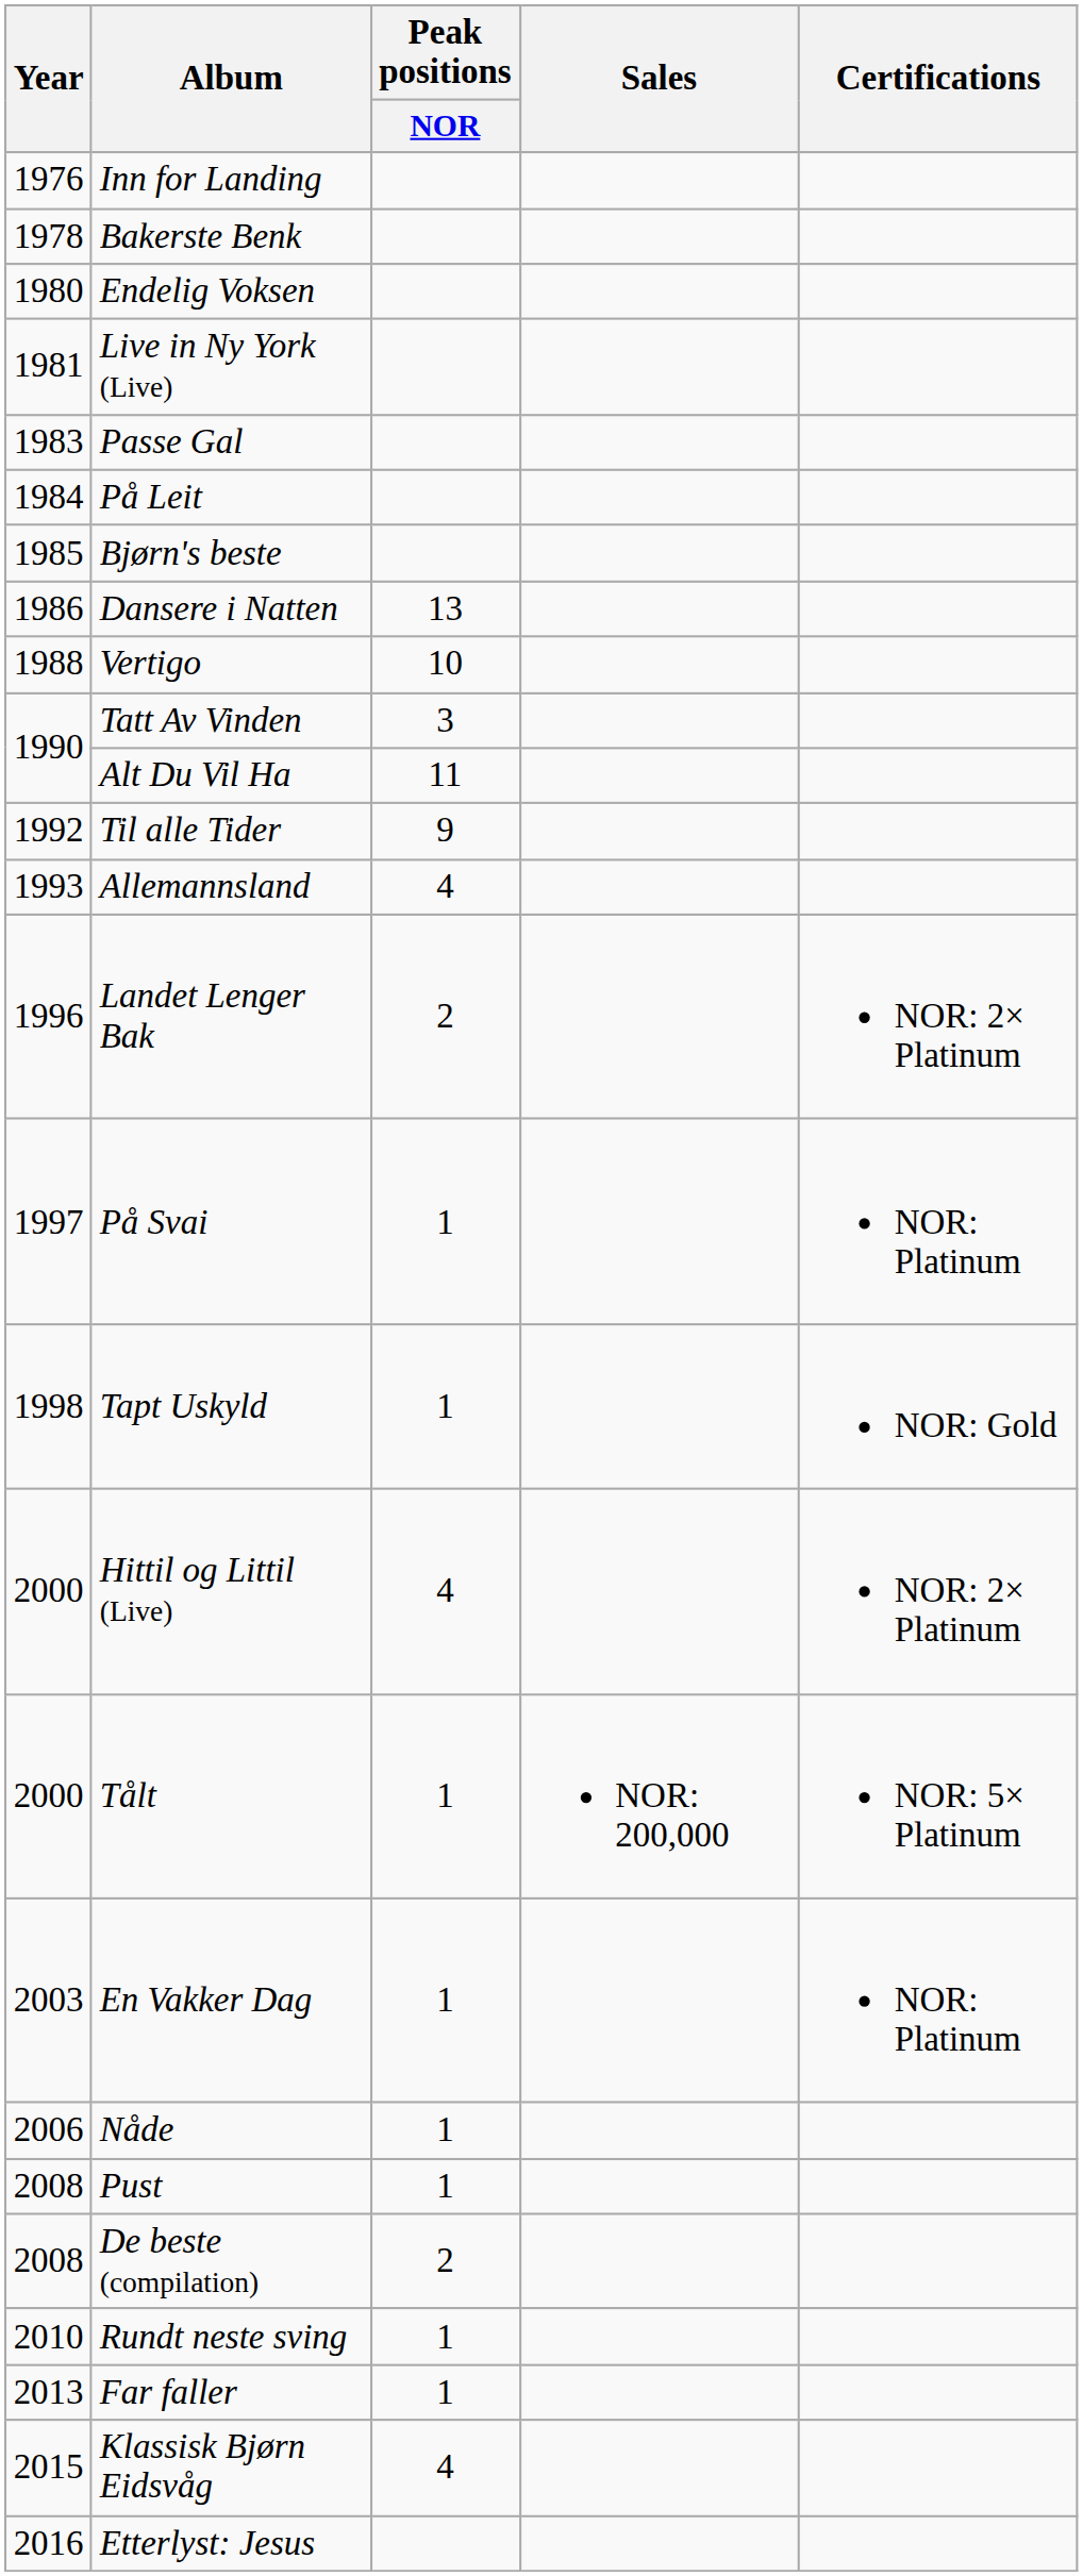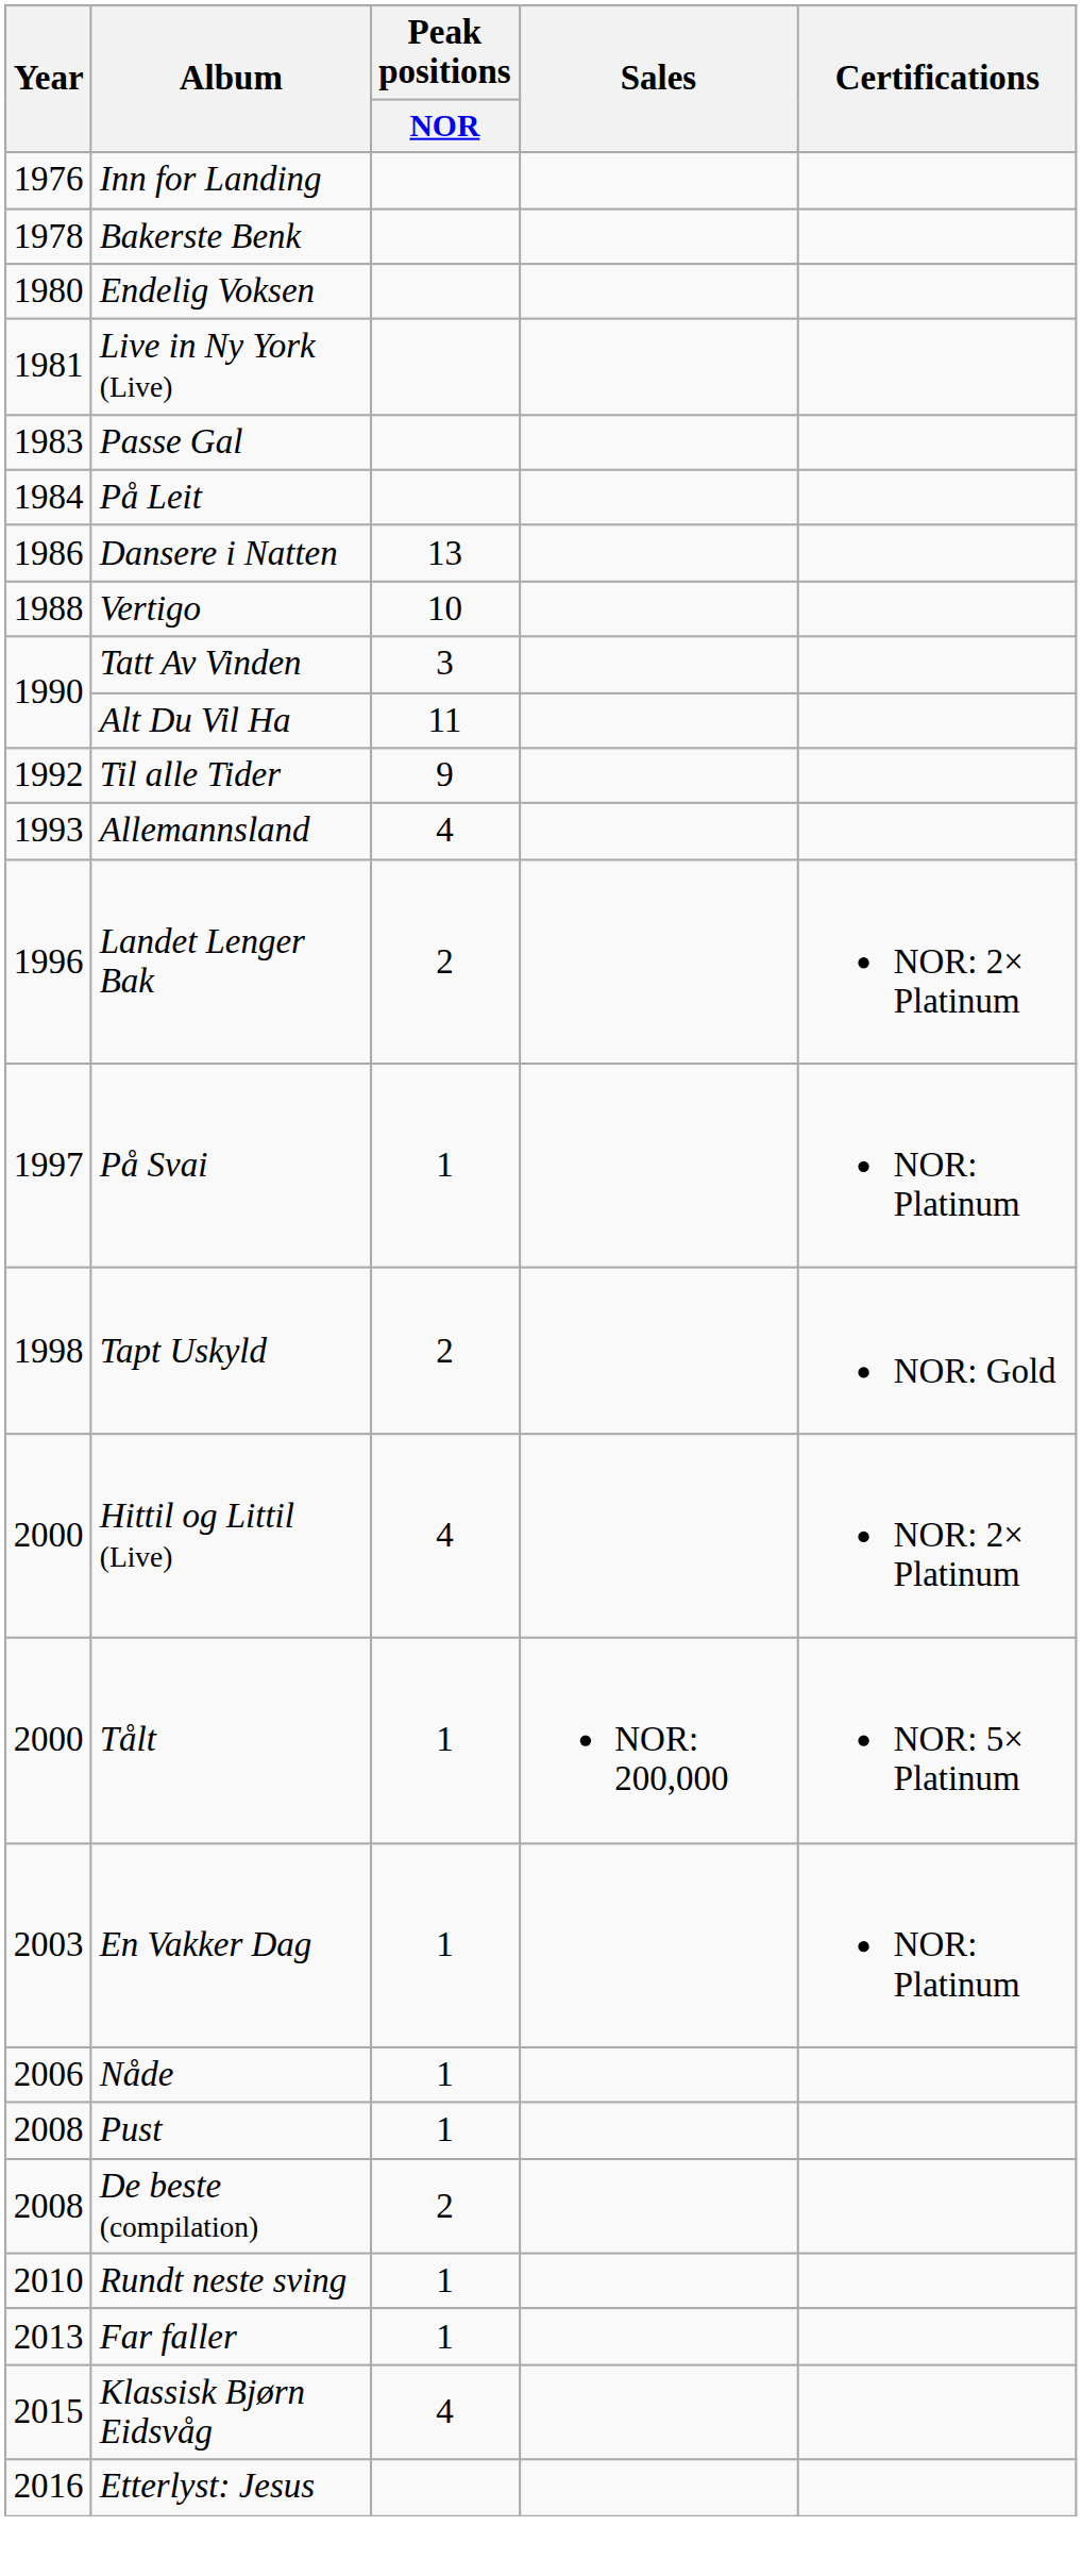 <table class="wikitable">
 <tr>
 <th rowspan="2" style="text-align:center; width:10px;">Year</th>
 <th rowspan="2" style="text-align:center; width:120px;">Album</th>
 <th style="text-align:center; width:20px;">Peak positions</th>
 <th rowspan="2" style="text-align:center; width:120px;">Sales</th>
 <th rowspan="2" style="text-align:center; width:120px;">Certifications</th>
 </tr>
 <tr>
 <th scope="col" style="width:3em;font-size:90%;"><a href='#'>NOR</a><br></th>
 </tr>
 <tr>
 <td style="text-align:center;">1976</td>
 <td><em>Inn for Landing</em></td>
 <td style="text-align:center;"></td>
 <td></td>
 <td></td>
 </tr>
 <tr>
 <td style="text-align:center;">1978</td>
 <td><em>Bakerste Benk</em></td>
 <td style="text-align:center;"></td>
 <td></td>
 <td></td>
 </tr>
 <tr>
 <td style="text-align:center;">1980</td>
 <td><em>Endelig Voksen</em></td>
 <td style="text-align:center;"></td>
 <td></td>
 <td></td>
 </tr>
 <tr>
 <td style="text-align:center;">1981</td>
 <td><em>Live in Ny York</em> <small>(Live)</small></td>
 <td style="text-align:center;"></td>
 <td></td>
 <td></td>
 </tr>
 <tr>
 <td style="text-align:center;">1983</td>
 <td><em>Passe Gal</em></td>
 <td style="text-align:center;"></td>
 <td></td>
 <td></td>
 </tr>
 <tr>
 <td style="text-align:center;">1984</td>
 <td><em>På Leit</em></td>
-<td style="text-align:center;"></td>
-<td></td>
-<td></td>
-</tr>
-<tr>
-<td style="text-align:center;">1985</td>
-<td><em>Bjørn's beste</em></td>
 <td style="text-align:center;"></td>
 <td></td>
 <td></td>
 </tr>
 <tr>
 <td style="text-align:center;">1986</td>
 <td><em>Dansere i Natten</em></td>
 <td style="text-align:center;">13</td>
 <td></td>
 <td></td>
 </tr>
 <tr>
 <td style="text-align:center;">1988</td>
 <td><em>Vertigo</em></td>
 <td style="text-align:center;">10</td>
 <td></td>
 <td></td>
 </tr>
 <tr>
 <td style="text-align:center;" rowspan=2>1990</td>
 <td><em>Tatt Av Vinden</em></td>
 <td style="text-align:center;">3</td>
 <td></td>
 <td></td>
 </tr>
 <tr>
 <td><em>Alt Du Vil Ha</em></td>
 <td style="text-align:center;">11</td>
 <td></td>
 <td></td>
 </tr>
 <tr>
 <td style="text-align:center;">1992</td>
 <td><em>Til alle Tider</em></td>
 <td style="text-align:center;">9</td>
 <td></td>
 <td></td>
 </tr>
 <tr>
 <td style="text-align:center;">1993</td>
 <td><em>Allemannsland</em></td>
 <td style="text-align:center;">4</td>
 <td></td>
 <td></td>
 </tr>
 <tr>
 <td style="text-align:center;">1996</td>
 <td><em>Landet Lenger Bak</em></td>
 <td style="text-align:center;">2</td>
 <td></td>
 <td><br><ul><li>NOR: 2× Platinum</li></ul></td>
 </tr>
 <tr>
 <td style="text-align:center;">1997</td>
 <td><em>På Svai</em></td>
 <td style="text-align:center;">1</td>
 <td></td>
 <td><br><ul><li>NOR: Platinum</li></ul></td>
 </tr>
 <tr>
 <td style="text-align:center;">1998</td>
 <td><em>Tapt Uskyld</em></td>
-<td style="text-align:center;">1</td>
+<td style="text-align:center;">2</td>
 <td></td>
 <td><br><ul><li>NOR: Gold</li></ul></td>
 </tr>
 <tr>
 <td style="text-align:center;">2000</td>
 <td><em>Hittil og Littil</em> <small>(Live)</small></td>
 <td style="text-align:center;">4</td>
 <td></td>
 <td><br><ul><li>NOR: 2× Platinum</li></ul></td>
 </tr>
 <tr>
 <td style="text-align:center;">2000</td>
 <td><em>Tålt</em></td>
 <td style="text-align:center;">1</td>
 <td><br><ul><li>NOR: 200,000</li></ul></td>
 <td><br><ul><li>NOR: 5× Platinum</li></ul></td>
 </tr>
 <tr>
 <td style="text-align:center;">2003</td>
 <td><em>En Vakker Dag</em></td>
 <td style="text-align:center;">1</td>
 <td></td>
 <td><br><ul><li>NOR: Platinum</li></ul></td>
 </tr>
 <tr>
 <td style="text-align:center;">2006</td>
 <td><em>Nåde</em></td>
 <td style="text-align:center;">1</td>
 <td></td>
 <td></td>
 </tr>
 <tr>
 <td style="text-align:center;">2008</td>
 <td><em>Pust</em></td>
 <td style="text-align:center;">1</td>
 <td></td>
 <td></td>
 </tr>
 <tr>
 <td style="text-align:center;">2008</td>
 <td><em>De beste</em> <small>(compilation)</small></td>
 <td style="text-align:center;">2</td>
 <td></td>
 <td></td>
 </tr>
 <tr>
 <td style="text-align:center;">2010</td>
 <td><em>Rundt neste sving</em></td>
 <td style="text-align:center;">1</td>
 <td></td>
 <td></td>
 </tr>
 <tr>
 <td style="text-align:center;">2013</td>
 <td><em>Far faller</em></td>
 <td style="text-align:center;">1</td>
 <td></td>
 <td></td>
 </tr>
 <tr>
 <td style="text-align:center;">2015</td>
 <td><em>Klassisk Bjørn Eidsvåg</em></td>
 <td style="text-align:center;">4</td>
 <td></td>
 <td></td>
 </tr>
 <tr>
 <td style="text-align:center;">2016</td>
 <td><em>Etterlyst: Jesus</em></td>
 <td style="text-align:center;"></td>
 <td></td>
 <td></td>
 </tr>
 </table>
